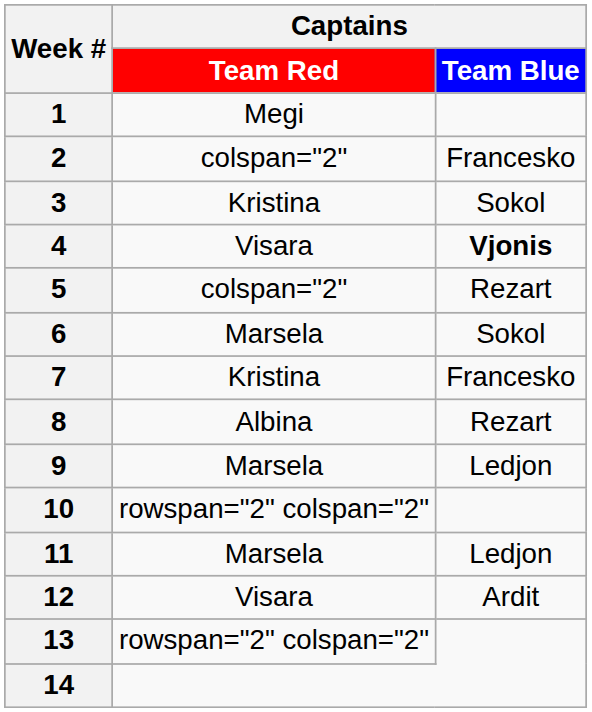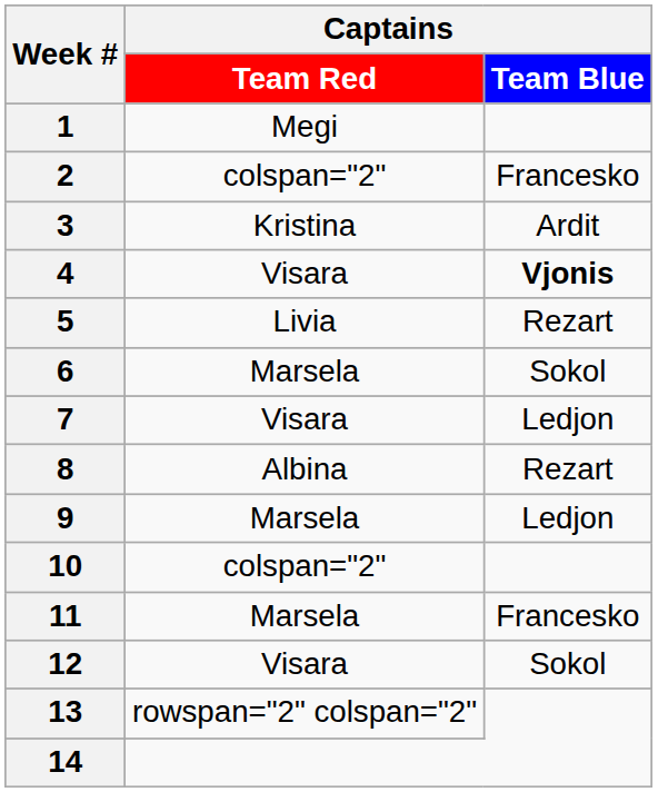 <table class="wikitable " style="text-align:center;">
 <tr>
 <th rowspan="2">Week #</th>
 <th colspan="2">Captains</th>
 </tr>
 <tr>
 <th style="background: Red; color: white; text-align: center;">Team Red</th>
 <th style="background: Blue; color: white; text-align: center;">Team Blue</th>
 </tr>
 <tr>
 <th>1</th>
 <td>Megi</td>
 </tr>
 <tr>
 <th>2</th>
 <td>colspan="2" </td>
 <td>Francesko</td>
 </tr>
 <tr>
 <th>3</th>
 <td>Kristina</td>
-<td>Sokol</td>
+<td>Ardit</td>
 </tr>
 <tr>
 <th>4</th>
 <td>Visara</td>
 <td><strong>Vjonis</strong></td>
 </tr>
 <tr>
 <th>5</th>
-<td>colspan="2" </td>
+<td>Livia</td>
 <td>Rezart</td>
 </tr>
 <tr>
 <th>6</th>
 <td>Marsela</td>
 <td>Sokol</td>
 </tr>
 <tr>
 <th>7</th>
-<td>Kristina</td>
-<td>Francesko</td>
+<td>Visara</td>
+<td>Ledjon</td>
 </tr>
 <tr>
 <th>8</th>
 <td>Albina</td>
 <td>Rezart</td>
 </tr>
 <tr>
 <th>9</th>
 <td>Marsela</td>
 <td>Ledjon</td>
 </tr>
 <tr>
 <th>10</th>
-<td>rowspan="2" colspan="2" </td>
+<td>colspan="2" </td>
 </tr>
 <tr>
 <th>11</th>
 <td>Marsela</td>
-<td>Ledjon</td>
+<td>Francesko</td>
 </tr>
 <tr>
 <th>12</th>
 <td>Visara</td>
-<td>Ardit</td>
+<td>Sokol</td>
 </tr>
 <tr>
 <th>13</th>
 <td>rowspan="2" colspan="2" </td>
 </tr>
 <tr>
 <th>14</th>
 </tr>
 </table>
